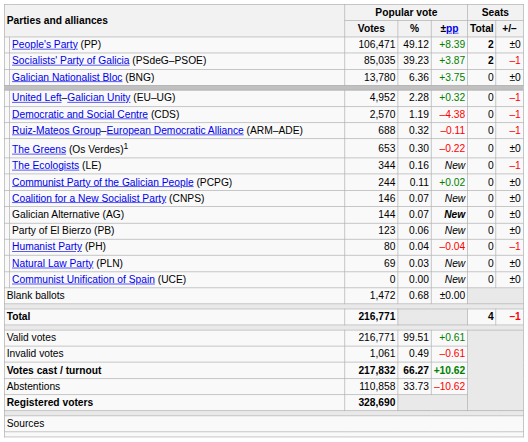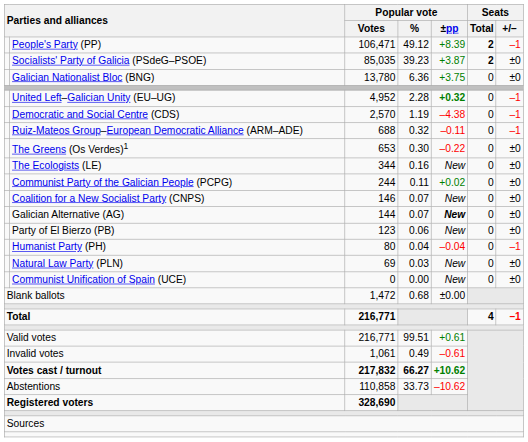 <table class="wikitable" style="text-align:right;">
 <tr>
 <th style="text-align:left;" rowspan="2" colspan="2" width="525">Parties and alliances</th>
 <th colspan="3">Popular vote</th>
 <th colspan="2">Seats</th>
 </tr>
 <tr>
 <th width="75">Votes</th>
 <th width="45">%</th>
 <th width="45">±<a href='#'>pp</a></th>
 <th width="35">Total</th>
 <th width="35">+/−</th>
 </tr>
 <tr>
 <td width="1" style="color:inherit;background:"></td>
 <td align="left"><a href='#'>People's Party</a> (PP)</td>
 <td>106,471</td>
 <td>49.12</td>
 <td style="color:green;">+8.39</td>
 <td><strong>2</strong></td>
-<td>±0</td>
+<td style="color:red;">–1</td>
 </tr>
 <tr>
 <td style="color:inherit;background:"></td>
 <td align="left"><a href='#'>Socialists' Party of Galicia</a> (PSdeG–PSOE)</td>
 <td>85,035</td>
 <td>39.23</td>
 <td style="color:green;">+3.87</td>
 <td><strong>2</strong></td>
-<td style="color:red;">–1</td>
+<td>±0</td>
 </tr>
 <tr>
 <td style="color:inherit;background:"></td>
 <td align="left"><a href='#'>Galician Nationalist Bloc</a> (BNG)</td>
 <td>13,780</td>
 <td>6.36</td>
 <td style="color:green;">+3.75</td>
 <td>0</td>
 <td>±0</td>
 </tr>
 <tr>
 <td colspan="7" bgcolor="#C0C0C0"></td>
 </tr>
 <tr>
 <td style="color:inherit;background:"></td>
 <td align="left"><a href='#'>United Left</a>–<a href='#'>Galician Unity</a> (EU–UG)</td>
 <td>4,952</td>
 <td>2.28</td>
-<td style="color:green;">+0.32</td>
+<td style="color:green;"><strong>+0.32</strong></td>
 <td>0</td>
 <td style="color:red;">–1</td>
 </tr>
 <tr>
 <td style="color:inherit;background:"></td>
 <td align="left"><a href='#'>Democratic and Social Centre</a> (CDS)</td>
 <td>2,570</td>
 <td>1.19</td>
 <td style="color:red;">–4.38</td>
 <td>0</td>
 <td style="color:red;">–1</td>
 </tr>
 <tr>
 <td style="color:inherit;background:"></td>
 <td align="left"><a href='#'>Ruiz-Mateos Group</a>–<a href='#'>European Democratic Alliance</a> (ARM–ADE)</td>
 <td>688</td>
 <td>0.32</td>
 <td style="color:red;">–0.11</td>
 <td>0</td>
 <td style="color:red;">–1</td>
 </tr>
 <tr>
 <td style="color:inherit;background:"></td>
 <td align="left"><a href='#'>The Greens</a> (Os Verdes)<sup>1</sup></td>
 <td>653</td>
 <td>0.30</td>
 <td style="color:red;">–0.22</td>
 <td>0</td>
 <td>±0</td>
 </tr>
 <tr>
 <td style="color:inherit;background:"></td>
 <td align="left"><a href='#'>The Ecologists</a> (LE)</td>
 <td>344</td>
 <td>0.16</td>
 <td><em>New</em></td>
 <td>0</td>
-<td style="color:red;">–1</td>
+<td>±0</td>
 </tr>
 <tr>
 <td style="color:inherit;background:"></td>
 <td align="left"><a href='#'>Communist Party of the Galician People</a> (PCPG)</td>
 <td>244</td>
 <td>0.11</td>
 <td style="color:green;">+0.02</td>
 <td>0</td>
 <td>±0</td>
 </tr>
 <tr>
 <td style="color:inherit;background:"></td>
 <td align="left"><a href='#'>Coalition for a New Socialist Party</a> (CNPS)</td>
 <td>146</td>
 <td>0.07</td>
 <td><em>New</em></td>
 <td>0</td>
 <td>±0</td>
 </tr>
 <tr>
 <td style="color:inherit;background:"></td>
 <td align="left">Galician Alternative (AG)</td>
 <td>144</td>
 <td>0.07</td>
 <td><strong><em>New</em></strong></td>
 <td>0</td>
 <td>±0</td>
 </tr>
 <tr>
 <td style="color:inherit;background:"></td>
 <td align="left">Party of El Bierzo (PB)</td>
 <td>123</td>
 <td>0.06</td>
 <td><em>New</em></td>
 <td>0</td>
 <td>±0</td>
 </tr>
 <tr>
 <td style="color:inherit;background:"></td>
 <td align="left"><a href='#'>Humanist Party</a> (PH)</td>
 <td>80</td>
 <td>0.04</td>
 <td style="color:red;">–0.04</td>
 <td>0</td>
 <td style="color:red;">–1</td>
 </tr>
 <tr>
 <td style="color:inherit;background:"></td>
 <td align="left"><a href='#'>Natural Law Party</a> (PLN)</td>
 <td>69</td>
 <td>0.03</td>
 <td><em>New</em></td>
 <td>0</td>
 <td>±0</td>
 </tr>
 <tr>
 <td style="color:inherit;background:"></td>
 <td align="left"><a href='#'>Communist Unification of Spain</a> (UCE)</td>
 <td>0</td>
 <td>0.00</td>
 <td><em>New</em></td>
 <td>0</td>
 <td>±0</td>
 </tr>
 <tr>
 <td align="left" colspan="2">Blank ballots</td>
 <td>1,472</td>
 <td>0.68</td>
 <td>±0.00</td>
 <td bgcolor="#E9E9E9" colspan="2"></td>
 </tr>
 <tr>
 <td colspan="7" bgcolor="#E9E9E9"></td>
 </tr>
 <tr style="font-weight:bold;">
 <td align="left" colspan="2">Total</td>
 <td>216,771</td>
 <td bgcolor="#E9E9E9" colspan="2"></td>
 <td>4</td>
 <td style="color:red;">–1</td>
 </tr>
 <tr>
 <td colspan="7" bgcolor="#E9E9E9"></td>
 </tr>
 <tr>
 <td align="left" colspan="2">Valid votes</td>
 <td>216,771</td>
 <td>99.51</td>
 <td style="color:green;">+0.61</td>
 <td bgcolor="#E9E9E9" colspan="2" rowspan="5"></td>
 </tr>
 <tr>
 <td align="left" colspan="2">Invalid votes</td>
 <td>1,061</td>
 <td>0.49</td>
 <td style="color:red;">–0.61</td>
 </tr>
 <tr style="font-weight:bold;">
 <td align="left" colspan="2">Votes cast / turnout</td>
 <td>217,832</td>
 <td>66.27</td>
 <td style="color:green;">+10.62</td>
 </tr>
 <tr>
 <td align="left" colspan="2">Abstentions</td>
 <td>110,858</td>
 <td>33.73</td>
 <td style="color:red;">–10.62</td>
 </tr>
 <tr style="font-weight:bold;">
 <td align="left" colspan="2">Registered voters</td>
 <td>328,690</td>
 <td bgcolor="#E9E9E9" colspan="2"></td>
 </tr>
 <tr>
 <td colspan="7" bgcolor="#E9E9E9"></td>
 </tr>
 <tr>
 <td align="left" colspan="7">Sources</td>
 </tr>
 <tr>
 <td colspan="7" style="text-align:left; max-width:790px;"></td>
 </tr>
 </table>
